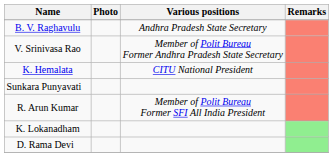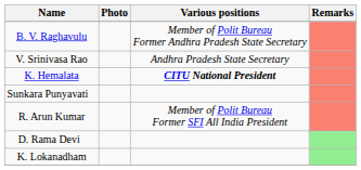 <table class="wikitable sortable" style="text-align:center">
 <tr>
 <th Style="background-color:">Name</th>
 <th Style="background-color:">Photo</th>
 <th Style="background-color:">Various positions</th>
 <th Style="background-color:">Remarks</th>
 </tr>
 <tr>
 </tr>
 <tr>
 <td><a href='#'>B. V. Raghavulu</a></td>
 <td></td>
-<td><em>Andhra Pradesh State Secretary</em></td>
+<td><em>Member of <a href='#'>Polit Bureau</a></em><br><em>Former Andhra Pradesh State Secretary</em></td>
 <td bgcolor = Salmon></td>
 </tr>
 <tr>
 <td>V. Srinivasa Rao</td>
 <td></td>
-<td><em>Member of <a href='#'>Polit Bureau</a></em><br><em>Former Andhra Pradesh State Secretary</em></td>
+<td><em>Andhra Pradesh State Secretary</em></td>
 <td bgcolor = Salmon></td>
 </tr>
 <tr>
 <td><a href='#'>K. Hemalata</a></td>
 <td></td>
-<td><em><a href='#'>CITU</a> National President</em></td>
+<td><strong><em><a href='#'>CITU</a> National President</em></strong></td>
 <td bgcolor = Salmon></td>
 </tr>
 <tr>
 <td>Sunkara Punyavati   </td>
 <td></td>
 <td></td>
 <td bgcolor = Salmon></td>
 </tr>
 <tr>
 <td>R. Arun Kumar</td>
 <td></td>
 <td><em>Member of <a href='#'>Polit Bureau</a></em><br><em>Former <a href='#'>SFI</a> All India President</em></td>
 <td bgcolor = Salmon></td>
 </tr>
 <tr>
-<td>K. Lokanadham</td>
+<td>D. Rama Devi  </td>
 <td></td>
 <td></td>
 <td bgcolor = LightGreen></td>
 </tr>
 <tr>
-<td>D. Rama Devi  </td>
+<td>K. Lokanadham</td>
 <td></td>
 <td></td>
 <td bgcolor = LightGreen></td>
 </tr>
 <tr>
 </tr>
 </table>
